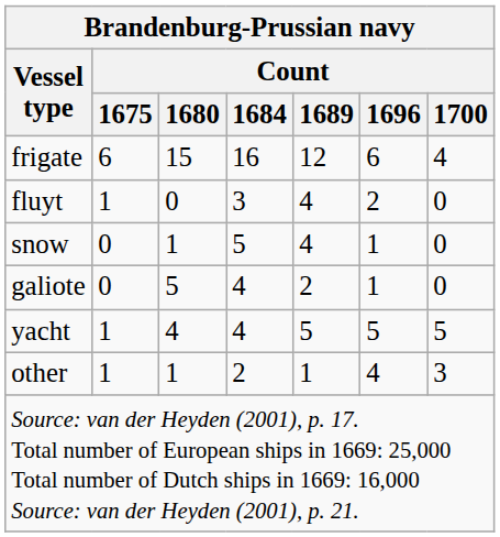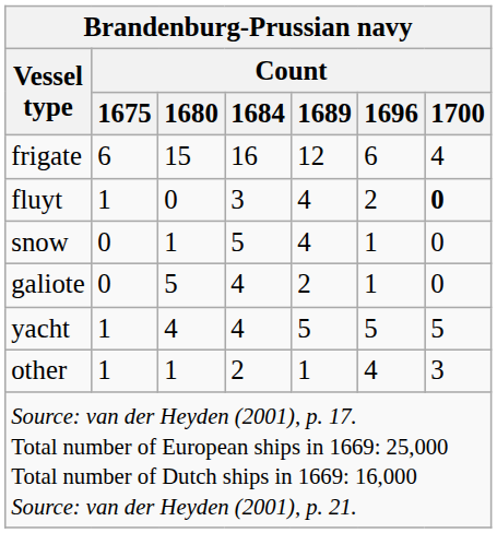 <table class="wikitable"  style="float:right; margin-left:1.5em;">
 <tr>
 <th colspan="7">Brandenburg-Prussian navy</th>
 </tr>
 <tr>
 <th rowspan="2">Vessel<br>type</th>
 <th colspan="6">Count</th>
 </tr>
 <tr>
 <th>1675</th>
 <th>1680</th>
 <th>1684</th>
 <th>1689</th>
 <th>1696</th>
 <th>1700</th>
 </tr>
 <tr>
 <td>frigate</td>
 <td>6</td>
 <td>15</td>
 <td>16</td>
 <td>12</td>
 <td>6</td>
 <td>4</td>
 </tr>
 <tr>
 <td>fluyt</td>
 <td>1</td>
 <td>0</td>
 <td>3</td>
 <td>4</td>
 <td>2</td>
-<td>0</td>
+<td><strong>0</strong></td>
 </tr>
 <tr>
 <td>snow</td>
 <td>0</td>
 <td>1</td>
 <td>5</td>
 <td>4</td>
 <td>1</td>
 <td>0</td>
 </tr>
 <tr>
 <td>galiote</td>
 <td>0</td>
 <td>5</td>
 <td>4</td>
 <td>2</td>
 <td>1</td>
 <td>0</td>
 </tr>
 <tr>
 <td>yacht</td>
 <td>1</td>
 <td>4</td>
 <td>4</td>
 <td>5</td>
 <td>5</td>
 <td>5</td>
 </tr>
 <tr>
 <td>other</td>
 <td>1</td>
 <td>1</td>
 <td>2</td>
 <td>1</td>
 <td>4</td>
 <td>3</td>
 </tr>
 <tr>
 <td colspan="7"><small><em>Source: van der Heyden (2001), p. 17.</em><br>Total number of European ships in 1669: 25,000<br>Total number of Dutch ships in 1669: 16,000<br><em>Source: van der Heyden (2001), p. 21.</em></small></td>
 </tr>
 </table>
